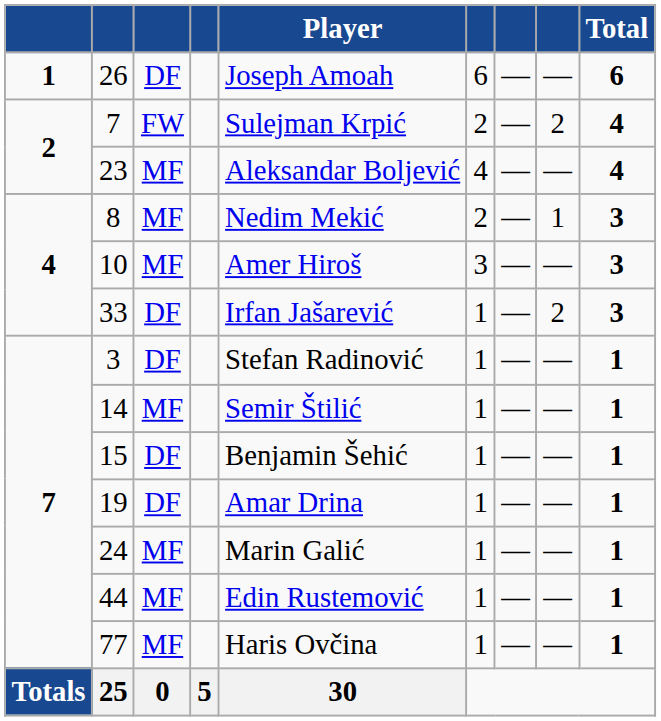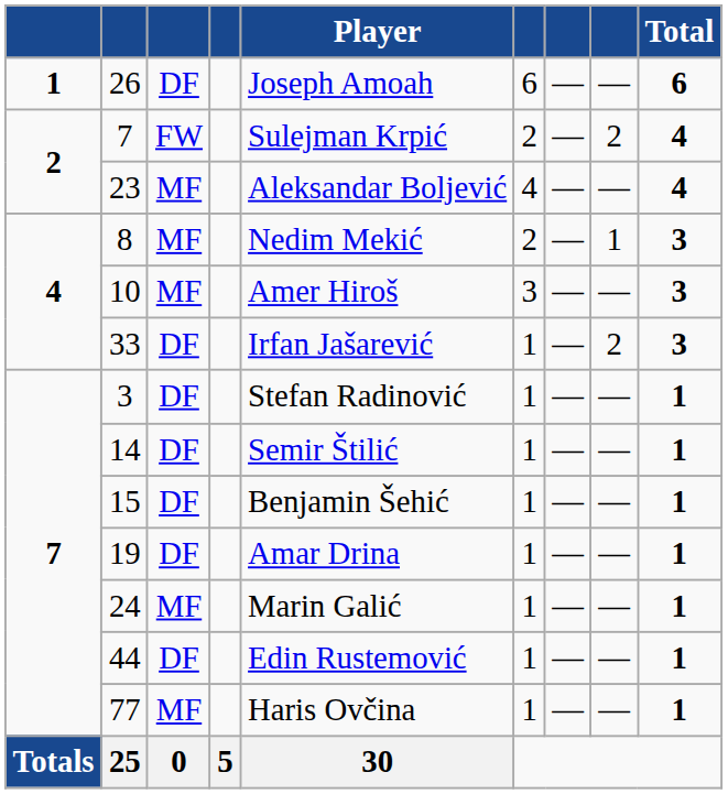 <table class="wikitable sortable" style="font-size: 95%; text-align: center;">
 <tr>
 <th style="background:#18488f; color:#FFFFFF; "></th>
 <th style="background:#18488f; color:#FFFFFF; "></th>
 <th style="background:#18488f; color:#FFFFFF; "></th>
 <th style="background:#18488f; color:#FFFFFF; "></th>
 <th style="background:#18488f; color:#FFFFFF; ">Player</th>
 <th style="background:#18488f; color:#FFFFFF; "></th>
 <th style="background:#18488f; color:#FFFFFF; "></th>
 <th style="background:#18488f; color:#FFFFFF; "></th>
 <th style="background:#18488f; color:#FFFFFF; ">Total</th>
 </tr>
 <tr>
 <td><strong>1</strong></td>
 <td>26</td>
 <td><a href='#'>DF</a></td>
 <td></td>
 <td align=left><a href='#'>Joseph Amoah</a></td>
 <td>6</td>
 <td>—</td>
 <td>—</td>
 <td><strong>6</strong></td>
 </tr>
 <tr>
 <td rowspan="2"><strong>2</strong></td>
 <td>7</td>
 <td><a href='#'>FW</a></td>
 <td></td>
 <td align="left"><a href='#'>Sulejman Krpić</a></td>
 <td>2</td>
 <td>—</td>
 <td>2</td>
 <td><strong>4</strong></td>
 </tr>
 <tr>
 <td>23</td>
 <td><a href='#'>MF</a></td>
 <td></td>
 <td align="left"><a href='#'>Aleksandar Boljević</a></td>
 <td>4</td>
 <td>—</td>
 <td>—</td>
 <td><strong>4</strong></td>
 </tr>
 <tr>
 <td rowspan="3"><strong>4</strong></td>
 <td>8</td>
 <td><a href='#'>MF</a></td>
 <td></td>
 <td align="left"><a href='#'>Nedim Mekić</a></td>
 <td>2</td>
 <td>—</td>
 <td>1</td>
 <td><strong>3</strong></td>
 </tr>
 <tr>
 <td>10</td>
 <td><a href='#'>MF</a></td>
 <td></td>
 <td align="left"><a href='#'>Amer Hiroš</a></td>
 <td>3</td>
 <td>—</td>
 <td>—</td>
 <td><strong>3</strong></td>
 </tr>
 <tr>
 <td>33</td>
 <td><a href='#'>DF</a></td>
 <td></td>
 <td align="left"><a href='#'>Irfan Jašarević</a></td>
 <td>1</td>
 <td>—</td>
 <td>2</td>
 <td><strong>3</strong></td>
 </tr>
 <tr>
 <td rowspan="7"><strong>7</strong></td>
 <td>3</td>
 <td><a href='#'>DF</a></td>
 <td></td>
 <td align="left">Stefan Radinović</td>
 <td>1</td>
 <td>—</td>
 <td>—</td>
 <td><strong>1</strong></td>
 </tr>
 <tr>
 <td>14</td>
-<td><a href='#'>MF</a></td>
+<td><a href='#'>DF</a></td>
 <td></td>
 <td align="left"><a href='#'>Semir Štilić</a></td>
 <td>1</td>
 <td>—</td>
 <td>—</td>
 <td><strong>1</strong></td>
 </tr>
 <tr>
 <td>15</td>
 <td><a href='#'>DF</a></td>
 <td></td>
 <td align="left">Benjamin Šehić</td>
 <td>1</td>
 <td>—</td>
 <td>—</td>
 <td><strong>1</strong></td>
 </tr>
 <tr>
 <td>19</td>
 <td><a href='#'>DF</a></td>
 <td></td>
 <td align="left"><a href='#'>Amar Drina</a></td>
 <td>1</td>
 <td>—</td>
 <td>—</td>
 <td><strong>1</strong></td>
 </tr>
 <tr>
 <td>24</td>
 <td><a href='#'>MF</a></td>
 <td></td>
 <td align="left">Marin Galić</td>
 <td>1</td>
 <td>—</td>
 <td>—</td>
 <td><strong>1</strong></td>
 </tr>
 <tr>
 <td>44</td>
-<td><a href='#'>MF</a></td>
+<td><a href='#'>DF</a></td>
 <td></td>
 <td align="left"><a href='#'>Edin Rustemović</a></td>
 <td>1</td>
 <td>—</td>
 <td>—</td>
 <td><strong>1</strong></td>
 </tr>
 <tr>
 <td>77</td>
 <td><a href='#'>MF</a></td>
 <td></td>
 <td align="left">Haris Ovčina</td>
 <td>1</td>
 <td>—</td>
 <td>—</td>
 <td><strong>1</strong></td>
 </tr>
 <tr>
 <th style="background:#18488f; color:#FFFFFF; "><strong>Totals</strong></th>
 <th>25 </th>
 <th>0 </th>
 <th>5 </th>
 <th>30 </th>
 </tr>
 </table>
